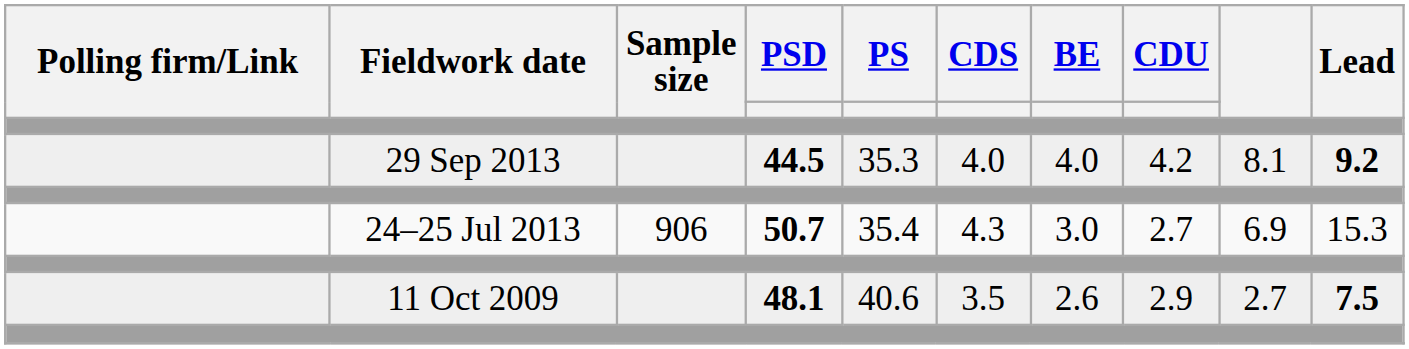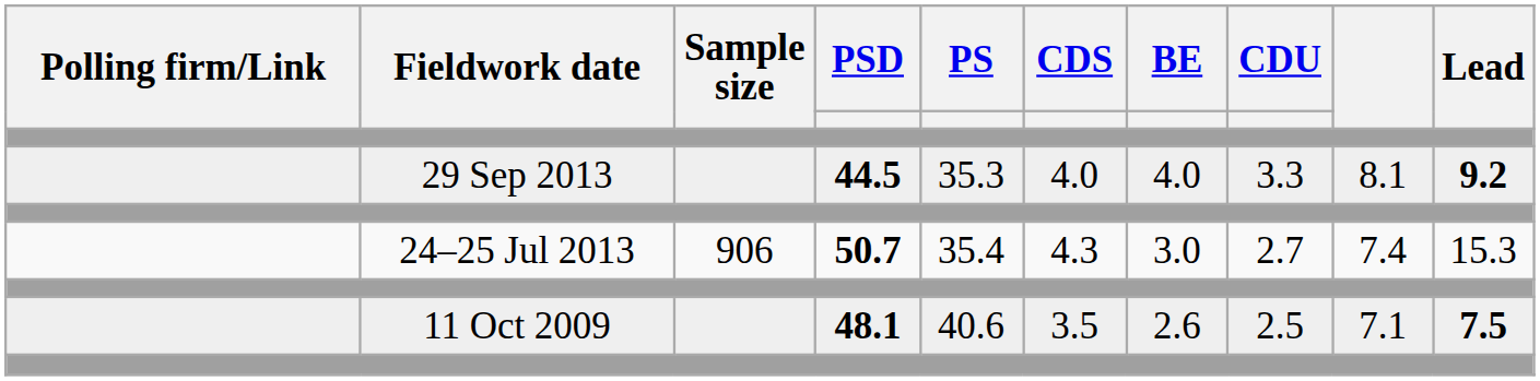 <table class="wikitable collapsible sortable" style="text-align:center; font-size:95%; line-height:16px;">
 <tr style="height:42px;">
 <th style="width:145px;" rowspan="2">Polling firm/Link</th>
 <th style="width:125px;" rowspan="2">Fieldwork date</th>
 <th class="unsortable" style="width:50px;" rowspan="2">Sample size</th>
 <th class="unsortable" style="width:35px;"><a href='#'>PSD</a></th>
 <th class="unsortable" style="width:35px;"><a href='#'>PS</a></th>
 <th class="unsortable" style="width:35px;"><a href='#'>CDS</a></th>
 <th class="unsortable" style="width:35px;"><a href='#'>BE</a></th>
 <th class="unsortable" style="width:35px;"><a href='#'>CDU</a></th>
 <th class="unsortable" style="width:35px;" rowspan="2"></th>
 <th class="unsortable" style="width:30px;" rowspan="2">Lead</th>
 </tr>
 <tr>
 <th class="unsortable" style="color:inherit;background:"></th>
 <th class="unsortable" style="color:inherit;background:"></th>
 <th class="unsortable" style="color:inherit;background:"></th>
 <th class="unsortable" style="color:inherit;background:"></th>
 <th class="unsortable" style="color:inherit;background:"></th>
 </tr>
 <tr>
 <td colspan="13" style="background:#A0A0A0"></td>
 </tr>
 <tr style="background:#EFEFEF;">
 <td><strong></strong></td>
 <td data-sort-value="2019-10-06">29 Sep 2013</td>
 <td></td>
 <td><strong>44.5</strong><br></td>
 <td>35.3<br></td>
 <td>4.0<br></td>
 <td>4.0<br></td>
-<td>4.2<br></td>
+<td>3.3<br></td>
 <td>8.1</td>
 <td style="background:"><strong>9.2</strong></td>
 </tr>
 <tr>
 <td colspan="13" style="background:#A0A0A0"></td>
 </tr>
 <tr>
 <td align="center"></td>
 <td align="center">24–25 Jul 2013</td>
 <td>906</td>
 <td align="center" ><strong>50.7</strong></td>
 <td align="center">35.4</td>
 <td align="center">4.3</td>
 <td align="center">3.0</td>
 <td align="center">2.7</td>
-<td align="center">6.9</td>
+<td align="center">7.4</td>
 <td style="background:">15.3</td>
 </tr>
 <tr>
 <td colspan="13" style="background:#A0A0A0"></td>
 </tr>
 <tr style="background:#EFEFEF;">
 <td><strong></strong></td>
 <td data-sort-value="2019-10-06">11 Oct 2009</td>
 <td></td>
 <td><strong>48.1</strong><br></td>
 <td>40.6<br></td>
 <td>3.5<br></td>
 <td>2.6<br></td>
-<td>2.9<br></td>
-<td>2.7</td>
+<td>2.5<br></td>
+<td>7.1</td>
 <td style="background:"><strong>7.5</strong></td>
 </tr>
 <tr>
 <td colspan="13" style="background:#A0A0A0"></td>
 </tr>
 <tr>
 </tr>
 </table>
